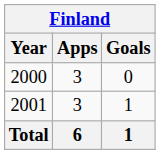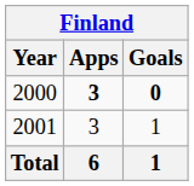 <table class=wikitable style=text-align:center>
 <tr>
 <th colspan=4><a href='#'>Finland</a></th>
 </tr>
 <tr>
 <th>Year</th>
 <th>Apps</th>
 <th>Goals</th>
 </tr>
 <tr>
 <td>2000</td>
-<td>3</td>
-<td>0</td>
+<td><strong>3</strong></td>
+<td><strong>0</strong></td>
 </tr>
 <tr>
 <td>2001</td>
 <td>3</td>
 <td>1</td>
 </tr>
 <tr>
 <th colspan=1>Total</th>
 <th>6</th>
 <th>1</th>
 </tr>
 </table>
